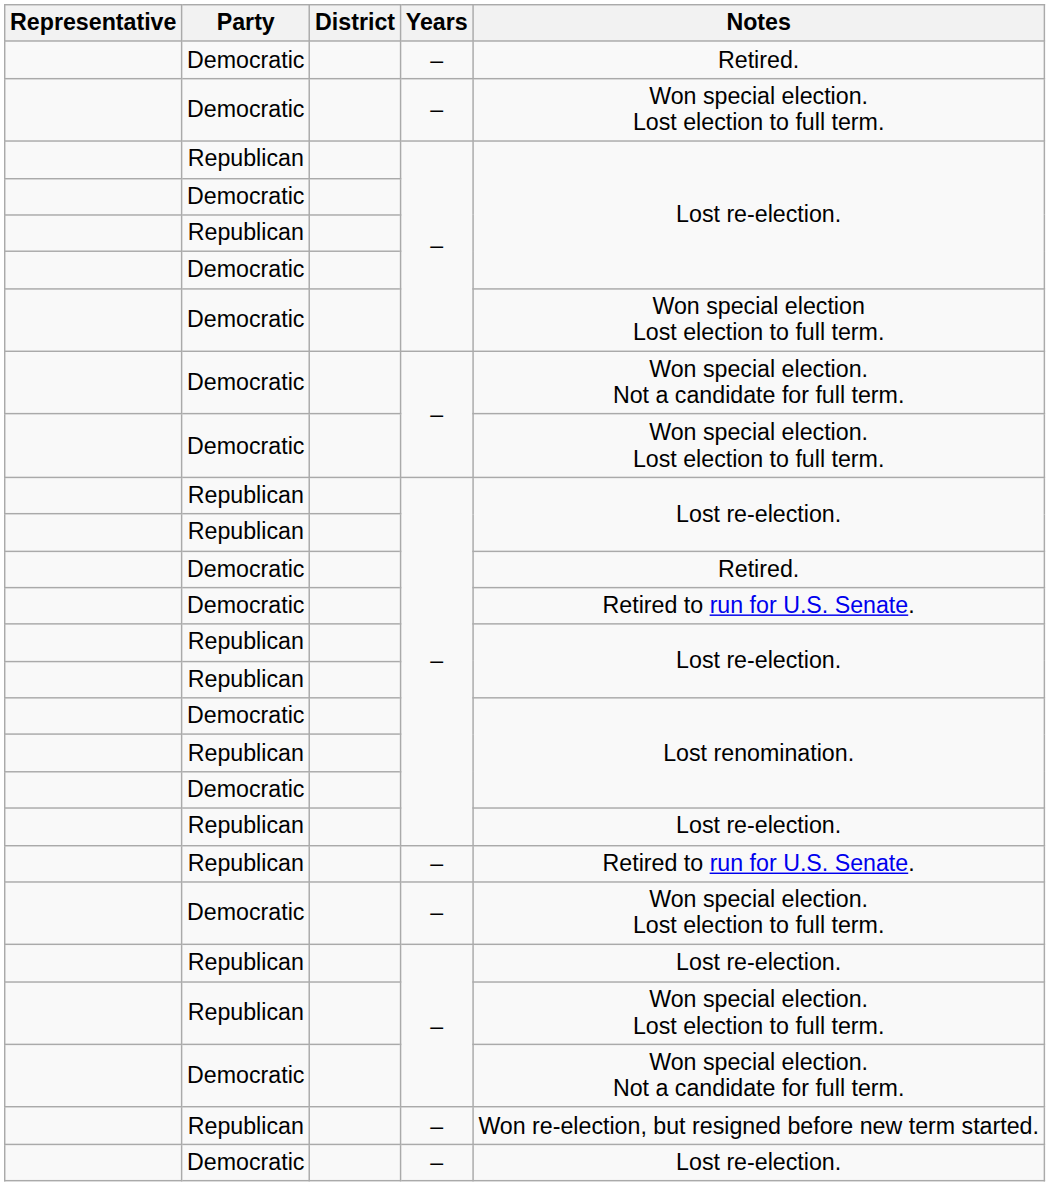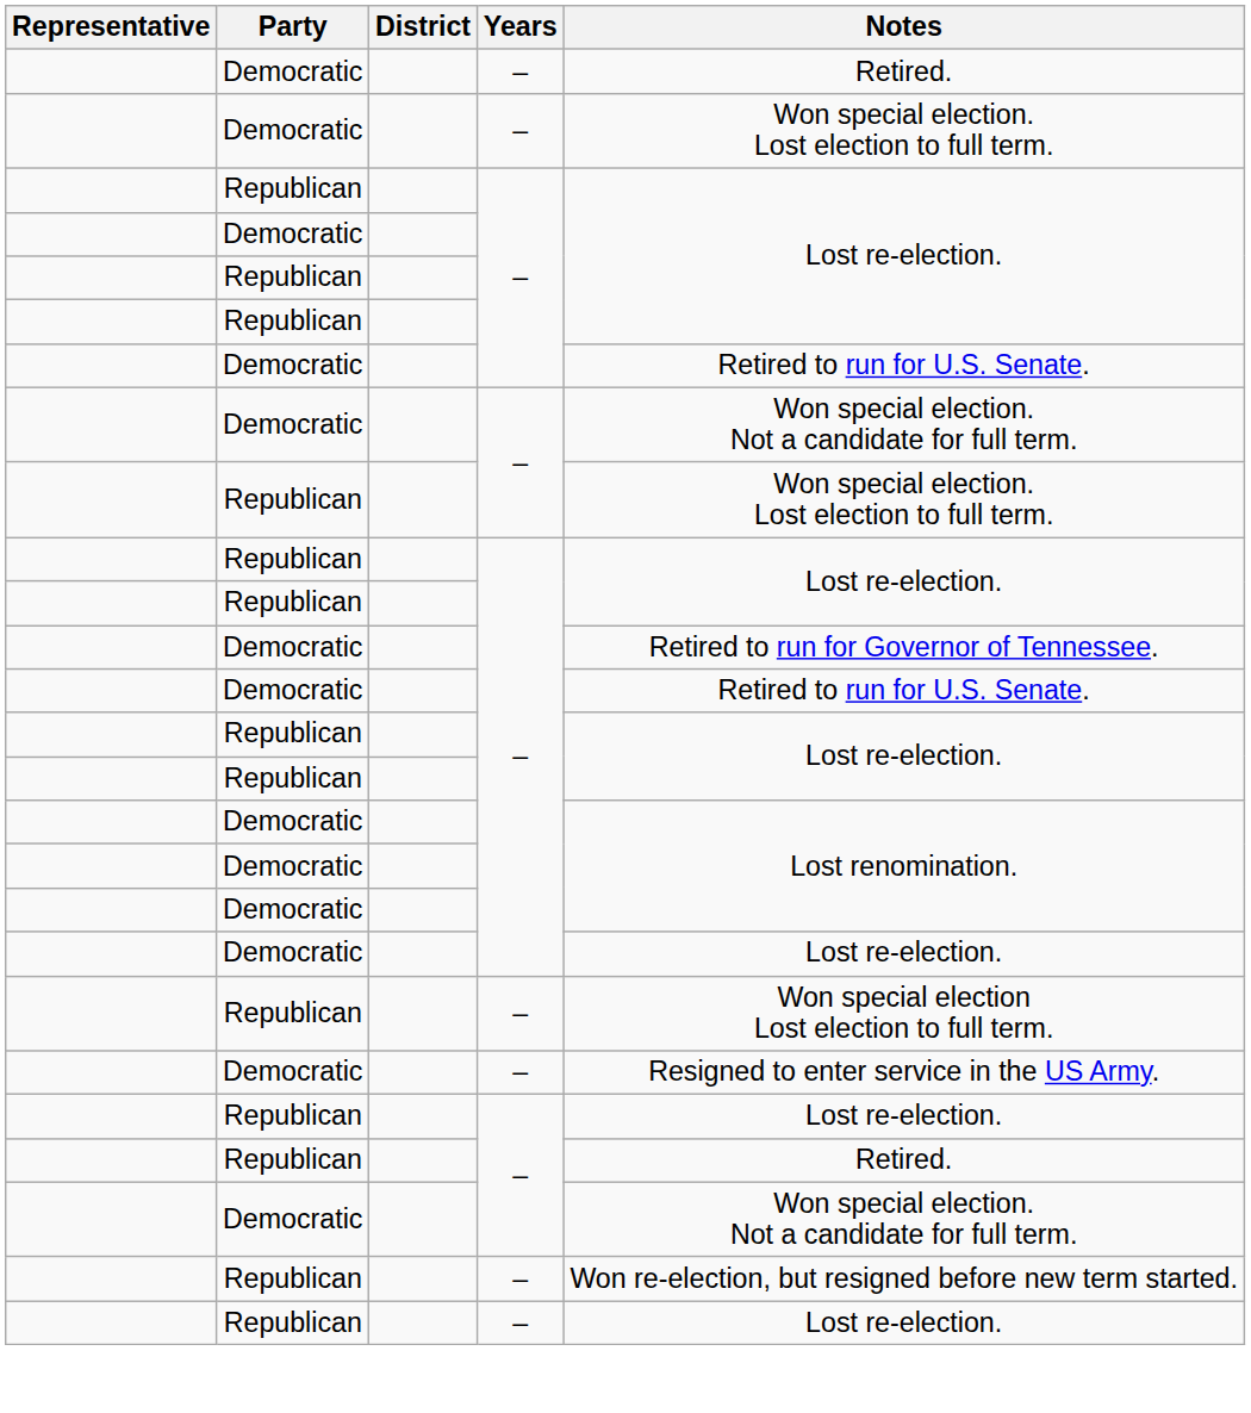 <table class="wikitable sortable" style="text-align:center">
 <tr valign=bottom>
 <th>Representative</th>
 <th>Party</th>
 <th>District</th>
 <th>Years</th>
 <th>Notes</th>
 </tr>
 <tr>
 <td align=left></td>
 <td>Democratic</td>
 <td></td>
 <td nowrap> –<br></td>
 <td>Retired.</td>
 </tr>
 <tr>
 <td align=left></td>
 <td>Democratic</td>
 <td></td>
 <td nowrap> –<br></td>
 <td>Won special election.<br>Lost election to full term.</td>
 </tr>
 <tr>
 <td align=left></td>
 <td>Republican</td>
 <td></td>
 <td rowspan="5" nowrap=""> –<br></td>
 <td rowspan="4">Lost re-election.</td>
 </tr>
 <tr>
 <td align=left></td>
 <td>Democratic</td>
 <td></td>
 </tr>
 <tr>
 <td align=left></td>
 <td>Republican</td>
 <td></td>
 </tr>
 <tr>
 <td align=left></td>
-<td>Democratic</td>
+<td>Republican</td>
 <td></td>
 </tr>
 <tr>
 <td align=left></td>
 <td>Democratic</td>
 <td></td>
-<td>Won special election<br>Lost election to full term.</td>
+<td>Retired to <a href='#'>run for U.S. Senate</a>.</td>
 </tr>
 <tr>
 <td align=left></td>
 <td>Democratic</td>
 <td></td>
 <td rowspan="2" nowrap=""> –<br></td>
 <td>Won special election.<br>Not a candidate for full term.</td>
 </tr>
 <tr>
 <td align=left></td>
-<td>Democratic</td>
+<td>Republican</td>
 <td></td>
 <td>Won special election.<br>Lost election to full term.</td>
 </tr>
 <tr>
 <td align=left></td>
 <td>Republican</td>
 <td></td>
 <td rowspan="10" nowrap=""> –<br></td>
 <td rowspan="2">Lost re-election.</td>
 </tr>
 <tr>
 <td align=left></td>
 <td>Republican</td>
 <td></td>
 </tr>
 <tr>
 <td align=left></td>
 <td>Democratic</td>
 <td></td>
-<td>Retired.</td>
+<td>Retired to <a href='#'>run for Governor of Tennessee</a>.</td>
 </tr>
 <tr>
 <td align=left></td>
 <td>Democratic</td>
 <td></td>
 <td>Retired to <a href='#'>run for U.S. Senate</a>.</td>
 </tr>
 <tr>
 <td align=left></td>
 <td>Republican</td>
 <td></td>
 <td rowspan="2">Lost re-election.</td>
 </tr>
 <tr>
 <td align=left></td>
 <td>Republican</td>
 <td></td>
 </tr>
 <tr>
 <td align=left></td>
 <td>Democratic</td>
 <td></td>
 <td rowspan="3">Lost renomination.</td>
 </tr>
 <tr>
 <td align=left></td>
-<td>Republican</td>
+<td>Democratic</td>
 <td></td>
 </tr>
 <tr>
 <td align=left></td>
 <td>Democratic</td>
 <td></td>
 </tr>
 <tr>
 <td align=left></td>
-<td>Republican</td>
+<td>Democratic</td>
 <td></td>
 <td>Lost re-election.</td>
 </tr>
 <tr>
 <td align=left></td>
 <td>Republican</td>
 <td></td>
 <td nowrap> –<br></td>
-<td>Retired to <a href='#'>run for U.S. Senate</a>.</td>
+<td>Won special election<br>Lost election to full term.</td>
 </tr>
 <tr>
 <td align=left></td>
 <td>Democratic</td>
 <td></td>
 <td nowrap> –<br></td>
-<td>Won special election.<br>Lost election to full term.</td>
+<td>Resigned to enter service in the <a href='#'>US Army</a>.</td>
 </tr>
 <tr>
 <td align=left></td>
 <td>Republican</td>
 <td></td>
 <td rowspan="3" nowrap=""> –<br></td>
 <td>Lost re-election.</td>
 </tr>
 <tr>
 <td align=left></td>
 <td>Republican</td>
 <td></td>
-<td>Won special election.<br>Lost election to full term.</td>
+<td>Retired.</td>
 </tr>
 <tr>
 <td align=left></td>
 <td>Democratic</td>
 <td></td>
 <td>Won special election.<br>Not a candidate for full term.</td>
 </tr>
 <tr>
 <td align=left></td>
 <td>Republican</td>
 <td></td>
 <td nowrap> –<br></td>
 <td>Won re-election, but resigned before new term started.</td>
 </tr>
 <tr>
 <td align=left></td>
-<td>Democratic</td>
+<td>Republican</td>
 <td></td>
 <td nowrap> –<br></td>
 <td>Lost re-election.</td>
 </tr>
 </table>
